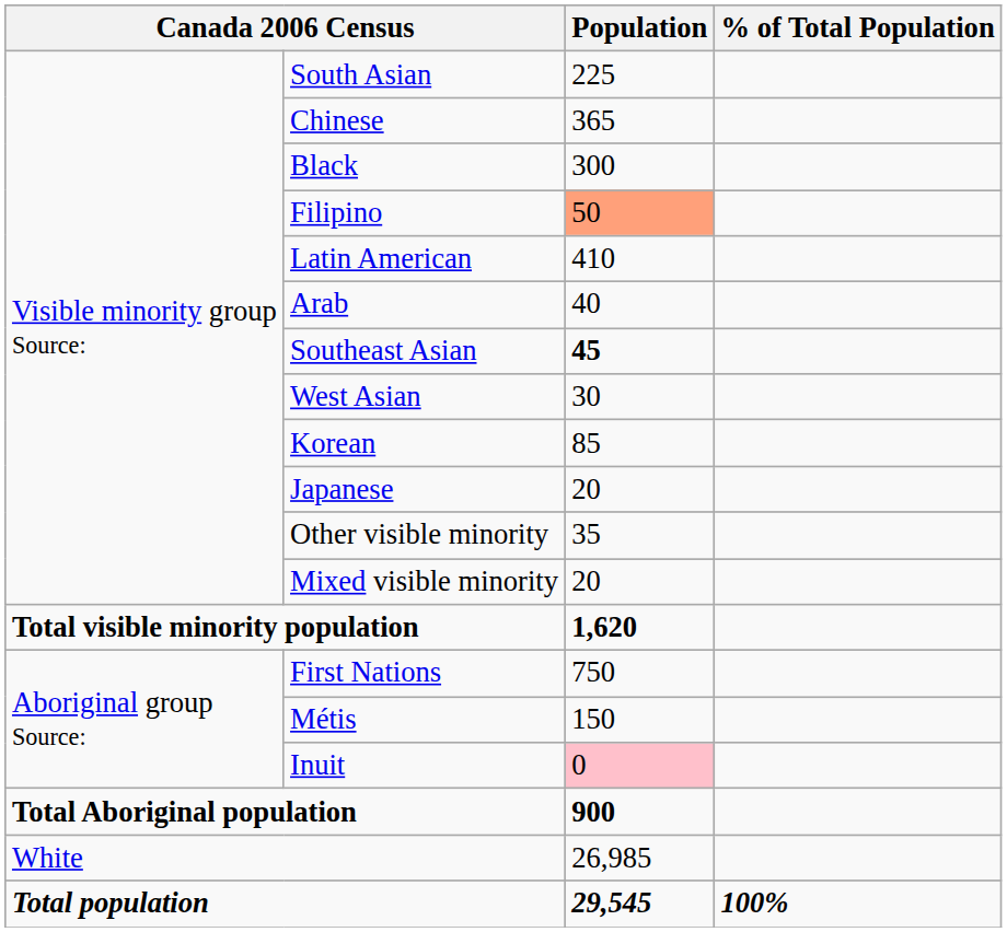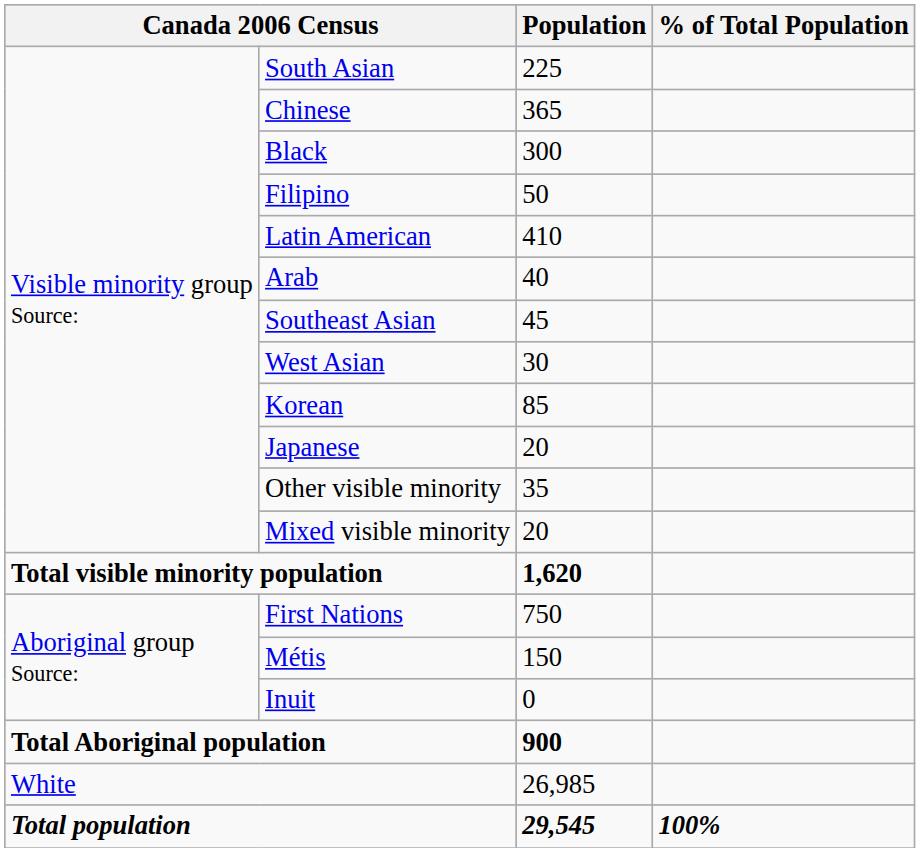 <table class="wikitable">
 <tr>
 <th colspan="2">Canada 2006 Census</th>
 <th>Population</th>
 <th>% of Total Population</th>
 </tr>
 <tr>
 <td rowspan="12"><a href='#'>Visible minority</a> group<br><small>Source:</small></td>
 <td><a href='#'>South Asian</a></td>
 <td>225</td>
 <td></td>
 </tr>
 <tr>
 <td><a href='#'>Chinese</a></td>
 <td>365</td>
 <td></td>
 </tr>
 <tr>
 <td><a href='#'>Black</a></td>
 <td>300</td>
 <td></td>
 </tr>
 <tr>
 <td><a href='#'>Filipino</a></td>
-<td style="background: lightsalmon;">50</td>
+<td>50</td>
 <td></td>
 </tr>
 <tr>
 <td><a href='#'>Latin American</a></td>
 <td>410</td>
 <td></td>
 </tr>
 <tr>
 <td><a href='#'>Arab</a></td>
 <td>40</td>
 <td></td>
 </tr>
 <tr>
 <td><a href='#'>Southeast Asian</a></td>
-<td><strong>45</strong></td>
+<td>45</td>
 <td></td>
 </tr>
 <tr>
 <td><a href='#'>West Asian</a></td>
 <td>30</td>
 <td></td>
 </tr>
 <tr>
 <td><a href='#'>Korean</a></td>
 <td>85</td>
 <td></td>
 </tr>
 <tr>
 <td><a href='#'>Japanese</a></td>
 <td>20</td>
 <td></td>
 </tr>
 <tr>
 <td>Other visible minority</td>
 <td>35</td>
 <td></td>
 </tr>
 <tr>
 <td><a href='#'>Mixed</a> visible minority</td>
 <td>20</td>
 <td></td>
 </tr>
 <tr>
 <td colspan="2"><strong>Total visible minority population</strong></td>
 <td><strong>1,620</strong></td>
 <td><strong></strong></td>
 </tr>
 <tr>
 <td rowspan="3"><a href='#'>Aboriginal</a> group<br><small>Source:</small></td>
 <td><a href='#'>First Nations</a></td>
 <td>750</td>
 <td></td>
 </tr>
 <tr>
 <td><a href='#'>Métis</a></td>
 <td>150</td>
 <td></td>
 </tr>
 <tr>
 <td><a href='#'>Inuit</a></td>
-<td style="background: pink;">0</td>
+<td>0</td>
 <td></td>
 </tr>
 <tr>
 <td colspan="2"><strong>Total Aboriginal population</strong></td>
 <td><strong>900</strong></td>
 <td><strong></strong></td>
 </tr>
 <tr>
 <td colspan="2"><a href='#'>White</a></td>
 <td>26,985</td>
 <td></td>
 </tr>
 <tr>
 <td colspan="2"><strong><em>Total population</em></strong></td>
 <td><strong><em>29,545</em></strong></td>
 <td><strong><em>100%</em></strong></td>
 </tr>
 </table>
